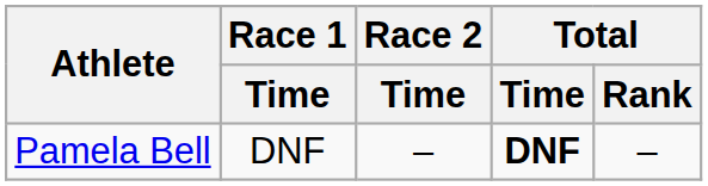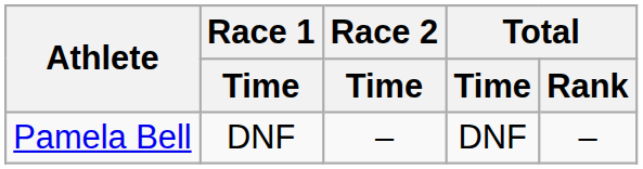 <table class="wikitable" style="font-size:90%">
 <tr>
 <th rowspan="2">Athlete</th>
 <th>Race 1</th>
 <th>Race 2</th>
 <th colspan="2">Total</th>
 </tr>
 <tr>
 <th>Time</th>
 <th>Time</th>
 <th>Time</th>
 <th>Rank</th>
 </tr>
 <tr>
 <td><a href='#'>Pamela Bell</a></td>
 <td align="center">DNF</td>
 <td align="center">–</td>
-<td align="center"><strong>DNF</strong></td>
+<td align="center">DNF</td>
 <td align="center">–</td>
 </tr>
 </table>
